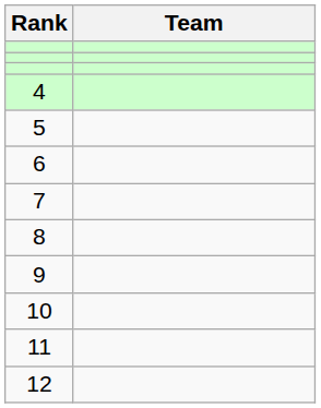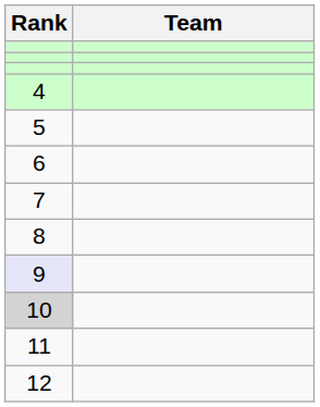 <table class="wikitable" style="text-align: center;">
 <tr>
 <th width=40>Rank</th>
 <th width=160>Team</th>
 </tr>
 <tr bgcolor=#ccffcc>
 <td></td>
 <td align=left></td>
 </tr>
 <tr bgcolor=#ccffcc>
 <td></td>
 <td align=left></td>
 </tr>
 <tr bgcolor=#ccffcc>
 <td></td>
 <td align=left></td>
 </tr>
 <tr bgcolor=#ccffcc>
 <td>4</td>
 <td align=left></td>
 </tr>
 <tr>
 <td>5</td>
 <td align=left></td>
 </tr>
 <tr>
 <td>6</td>
 <td align=left></td>
 </tr>
 <tr>
 <td>7</td>
 <td align=left></td>
 </tr>
 <tr>
 <td>8</td>
 <td align=left></td>
 </tr>
 <tr>
-<td>9</td>
+<td style="background: lavender;">9</td>
 <td align=left></td>
 </tr>
 <tr>
-<td>10</td>
+<td style="background: lightgrey;">10</td>
 <td align=left></td>
 </tr>
 <tr>
 <td>11</td>
 <td align=left></td>
 </tr>
 <tr>
 <td>12</td>
 <td align=left></td>
 </tr>
 </table>
